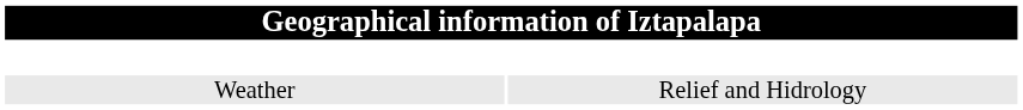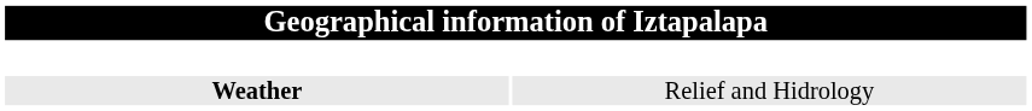 <table class="toc" cellpadding=0 cellspacing=2 width=600px style="float:center; margin: 0.5em 0.5em 0.5em 1em; padding: 0.5e text-align:left;clear:all; margin-left:3px; font-size:90%">
 <tr>
 <td colspan=2 style="background:#black; color:white; font-size:120%" align=center bgcolor="black"><strong>Geographical information of Iztapalapa</strong></td>
 </tr>
 <tr>
 <td align=center valign=right bgcolor="white"><br></td>
 <td align=center valign=left bgcolor="white" width=300px></td>
 </tr>
 <tr>
-<td style="background:#e9e9e9;" align=center>Weather</td>
+<td style="background:#e9e9e9;" align=center><strong>Weather</strong></td>
 <td style="background:#e9e9e9;" align=center>Relief and Hidrology</td>
 </tr>
 <tr>
 </tr>
 </table>
